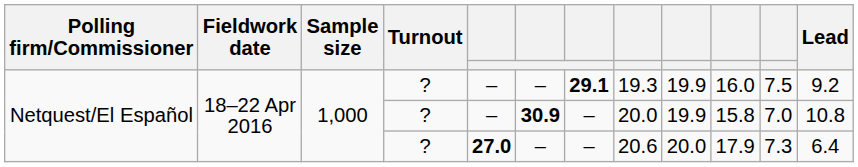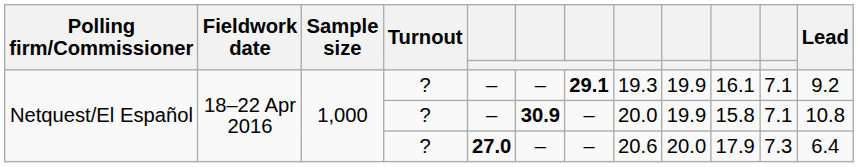 <table class="wikitable collapsible collapsed" style="text-align:center; font-size:95%; line-height:16px;">
 <tr style="height:42px;">
 <th style="width:250px;" rowspan="2">Polling firm/Commissioner</th>
 <th style="width:125px;" rowspan="2">Fieldwork date</th>
 <th style="width:50px;" rowspan="2">Sample size</th>
 <th style="width:45px;" rowspan="2">Turnout</th>
 <th style="width:35px;"></th>
 <th style="width:35px;"></th>
 <th style="width:35px;"></th>
 <th style="width:35px;"></th>
 <th style="width:35px;"></th>
 <th style="width:35px;"></th>
 <th style="width:35px;"></th>
 <th style="width:30px;" rowspan="2">Lead</th>
 </tr>
 <tr>
 <th colspan="3" style="background:"></th>
 <th style="color:inherit;background:"></th>
 <th style="color:inherit;background:"></th>
 <th style="color:inherit;background:"></th>
 <th style="color:inherit;background:"></th>
 </tr>
 <tr>
 <td rowspan="3">Netquest/El Español</td>
 <td rowspan="3">18–22 Apr 2016</td>
 <td rowspan="3">1,000</td>
 <td>?</td>
 <td>–</td>
 <td>–</td>
 <td><strong>29.1</strong></td>
 <td>19.3</td>
 <td>19.9</td>
-<td>16.0</td>
-<td>7.5</td>
+<td>16.1</td>
+<td>7.1</td>
 <td style="background:">9.2</td>
 </tr>
 <tr>
 <td>?</td>
 <td>–</td>
 <td><strong>30.9</strong></td>
 <td>–</td>
 <td>20.0</td>
 <td>19.9</td>
 <td>15.8</td>
-<td>7.0</td>
+<td>7.1</td>
 <td style="background:">10.8</td>
 </tr>
 <tr>
 <td>?</td>
 <td><strong>27.0</strong></td>
 <td>–</td>
 <td>–</td>
 <td>20.6</td>
 <td>20.0</td>
 <td>17.9</td>
 <td>7.3</td>
 <td style="background:">6.4</td>
 </tr>
 </table>
